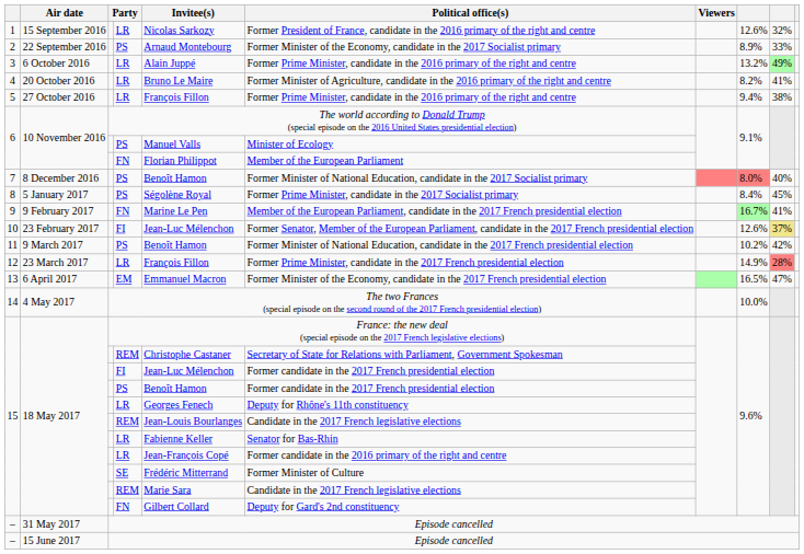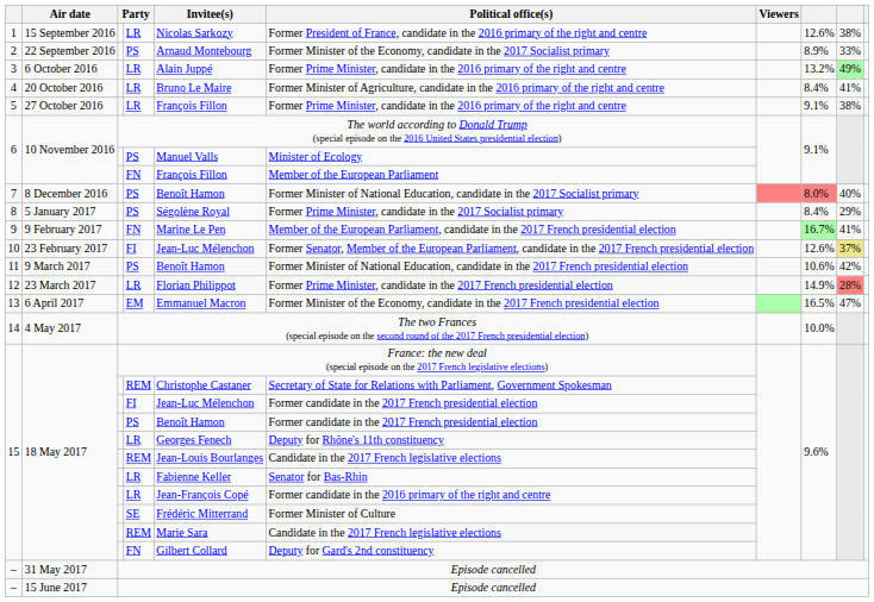 <table class="wikitable" style="font-size:100%;">
 <tr>
 <th></th>
 <th>Air date</th>
 <th colspan=2>Party</th>
 <th>Invitee(s)</th>
 <th>Political office(s)</th>
 <th>Viewers</th>
 <th></th>
 <th></th>
 <th></th>
 </tr>
 <tr>
 <td align="center">1</td>
 <td>15 September 2016</td>
 <td style="background-color:"></td>
 <td><a href='#'>LR</a></td>
 <td><a href='#'>Nicolas Sarkozy</a></td>
 <td>Former <a href='#'>President of France</a>, candidate in the <a href='#'>2016 primary of the right and centre</a></td>
 <td></td>
 <td>12.6%</td>
-<td>32%</td>
+<td>38%</td>
 <td></td>
 </tr>
 <tr>
 <td align="center">2</td>
 <td>22 September 2016</td>
 <td style="background-color:"></td>
 <td><a href='#'>PS</a></td>
 <td><a href='#'>Arnaud Montebourg</a></td>
 <td>Former Minister of the Economy, candidate in the <a href='#'>2017 Socialist primary</a></td>
 <td></td>
 <td>8.9%</td>
 <td>33%</td>
 <td></td>
 </tr>
 <tr>
 <td align="center">3</td>
 <td>6 October 2016</td>
 <td style="background-color:"></td>
 <td><a href='#'>LR</a></td>
 <td><a href='#'>Alain Juppé</a></td>
 <td>Former <a href='#'>Prime Minister</a>, candidate in the <a href='#'>2016 primary of the right and centre</a></td>
 <td></td>
 <td>13.2%</td>
 <td bgcolor="#aaffaa">49%</td>
 <td></td>
 </tr>
 <tr>
 <td align="center">4</td>
 <td>20 October 2016</td>
 <td style="background-color:"></td>
 <td><a href='#'>LR</a></td>
 <td><a href='#'>Bruno Le Maire</a></td>
 <td>Former Minister of Agriculture, candidate in the <a href='#'>2016 primary of the right and centre</a></td>
 <td></td>
-<td>8.2%</td>
+<td>8.4%</td>
 <td>41%</td>
 <td></td>
 </tr>
 <tr>
 <td align="center">5</td>
 <td>27 October 2016</td>
 <td style="background-color:"></td>
 <td><a href='#'>LR</a></td>
 <td><a href='#'>François Fillon</a></td>
 <td>Former <a href='#'>Prime Minister</a>, candidate in the <a href='#'>2016 primary of the right and centre</a></td>
 <td></td>
-<td>9.4%</td>
+<td>9.1%</td>
 <td>38%</td>
 <td></td>
 </tr>
 <tr>
 <td align="center" rowspan="3">6</td>
 <td rowspan="3">10 November 2016</td>
 <td align="center" colspan="4"><em>The world according to <a href='#'>Donald Trump</a></em><br><small>(special episode on the <a href='#'>2016 United States presidential election</a>)</small></td>
 <td rowspan="3"></td>
 <td rowspan="3">9.1%</td>
 <td rowspan="3" style="background-color:#E9E9E9;"></td>
 <td rowspan="3"></td>
 </tr>
 <tr>
 <td style="background-color:"></td>
 <td><a href='#'>PS</a></td>
 <td><a href='#'>Manuel Valls</a></td>
 <td><a href='#'>Minister of Ecology</a></td>
 </tr>
 <tr>
 <td style="background-color:"></td>
 <td><a href='#'>FN</a></td>
-<td><a href='#'>Florian Philippot</a></td>
+<td><a href='#'>François Fillon</a></td>
 <td><a href='#'>Member of the European Parliament</a></td>
 </tr>
 <tr>
 <td align="center">7</td>
 <td>8 December 2016</td>
 <td style="background-color:"></td>
 <td><a href='#'>PS</a></td>
 <td><a href='#'>Benoît Hamon</a></td>
 <td>Former Minister of National Education, candidate in the <a href='#'>2017 Socialist primary</a></td>
 <td bgcolor="#ff8080"></td>
 <td bgcolor="#ff8080">8.0%</td>
 <td>40%</td>
 <td></td>
 </tr>
 <tr>
 <td align="center">8</td>
 <td>5 January 2017</td>
 <td style="background-color:"></td>
 <td><a href='#'>PS</a></td>
 <td><a href='#'>Ségolène Royal</a></td>
 <td>Former <a href='#'>Prime Minister</a>, candidate in the <a href='#'>2017 Socialist primary</a></td>
 <td></td>
 <td>8.4%</td>
-<td>45%</td>
+<td>29%</td>
 <td></td>
 </tr>
 <tr>
 <td align="center">9</td>
 <td>9 February 2017</td>
 <td style="background-color:"></td>
 <td><a href='#'>FN</a></td>
 <td><a href='#'>Marine Le Pen</a></td>
 <td><a href='#'>Member of the European Parliament</a>, candidate in the <a href='#'>2017 French presidential election</a></td>
 <td></td>
 <td bgcolor="#aaffaa">16.7%</td>
 <td>41%</td>
 <td></td>
 </tr>
 <tr>
 <td align="center">10</td>
 <td>23 February 2017</td>
 <td style="background-color:"></td>
 <td><a href='#'>FI</a></td>
 <td><a href='#'>Jean-Luc Mélenchon</a></td>
 <td>Former <a href='#'>Senator</a>, <a href='#'>Member of the European Parliament</a>, candidate in the <a href='#'>2017 French presidential election</a></td>
 <td></td>
 <td>12.6%</td>
 <td style="background: khaki;">37%</td>
 <td></td>
 </tr>
 <tr>
 <td align="center">11</td>
 <td>9 March 2017</td>
 <td style="background-color:"></td>
 <td><a href='#'>PS</a></td>
 <td><a href='#'>Benoît Hamon</a></td>
 <td>Former Minister of National Education, candidate in the <a href='#'>2017 French presidential election</a></td>
 <td></td>
-<td>10.2%</td>
+<td>10.6%</td>
 <td>42%</td>
 <td></td>
 </tr>
 <tr>
 <td align="center">12</td>
 <td>23 March 2017</td>
 <td style="background-color:"></td>
 <td><a href='#'>LR</a></td>
-<td><a href='#'>François Fillon</a></td>
+<td><a href='#'>Florian Philippot</a></td>
 <td>Former <a href='#'>Prime Minister</a>, candidate in the <a href='#'>2017 French presidential election</a></td>
 <td></td>
 <td>14.9%</td>
 <td bgcolor="#ff8080">28%</td>
 <td></td>
 </tr>
 <tr>
 <td align="center">13</td>
 <td>6 April 2017</td>
 <td style="background-color:"></td>
 <td><a href='#'>EM</a></td>
 <td><a href='#'>Emmanuel Macron</a></td>
 <td>Former Minister of the Economy, candidate in the <a href='#'>2017 French presidential election</a></td>
 <td bgcolor="#aaffaa"></td>
 <td>16.5%</td>
 <td>47%</td>
 <td></td>
 </tr>
 <tr>
 <td align="center">14</td>
 <td>4 May 2017</td>
 <td align="center" colspan="4"><em>The two Frances</em><br><small>(special episode on the <a href='#'>second round of the 2017 French presidential election</a>)</small></td>
 <td></td>
 <td>10.0%</td>
 <td style="background-color:#E9E9E9;"></td>
 <td></td>
 </tr>
 <tr>
 <td align="center" rowspan="11">15</td>
 <td rowspan="11">18 May 2017</td>
 <td align="center" colspan="4"><em>France: the new deal</em><br><small>(special episode on the <a href='#'>2017 French legislative elections</a>)</small></td>
 <td rowspan="11"></td>
 <td rowspan="11">9.6%</td>
 <td rowspan="11" style="background-color:#E9E9E9;"></td>
 <td rowspan="11"></td>
 </tr>
 <tr>
 <td style="background-color:"></td>
 <td><a href='#'>REM</a></td>
 <td><a href='#'>Christophe Castaner</a></td>
 <td><a href='#'>Secretary of State for Relations with Parliament</a>, <a href='#'>Government Spokesman</a></td>
 </tr>
 <tr>
 <td style="background-color:"></td>
 <td><a href='#'>FI</a></td>
 <td><a href='#'>Jean-Luc Mélenchon</a></td>
 <td>Former candidate in the <a href='#'>2017 French presidential election</a></td>
 </tr>
 <tr>
 <td style="background-color:"></td>
 <td><a href='#'>PS</a></td>
 <td><a href='#'>Benoît Hamon</a></td>
 <td>Former candidate in the <a href='#'>2017 French presidential election</a></td>
 </tr>
 <tr>
 <td style="background-color:"></td>
 <td><a href='#'>LR</a></td>
 <td><a href='#'>Georges Fenech</a></td>
 <td><a href='#'>Deputy</a> for <a href='#'>Rhône's 11th constituency</a></td>
 </tr>
 <tr>
 <td style="background-color:"></td>
 <td><a href='#'>REM</a></td>
 <td><a href='#'>Jean-Louis Bourlanges</a></td>
 <td>Candidate in the <a href='#'>2017 French legislative elections</a></td>
 </tr>
 <tr>
 <td style="background-color:"></td>
 <td><a href='#'>LR</a></td>
 <td><a href='#'>Fabienne Keller</a></td>
 <td><a href='#'>Senator</a> for <a href='#'>Bas-Rhin</a></td>
 </tr>
 <tr>
 <td style="background-color:"></td>
 <td><a href='#'>LR</a></td>
 <td><a href='#'>Jean-François Copé</a></td>
 <td>Former candidate in the <a href='#'>2016 primary of the right and centre</a></td>
 </tr>
 <tr>
 <td style="background-color:"></td>
 <td><a href='#'>SE</a></td>
 <td><a href='#'>Frédéric Mitterrand</a></td>
 <td>Former Minister of Culture</td>
 </tr>
 <tr>
 <td style="background-color:"></td>
 <td><a href='#'>REM</a></td>
 <td><a href='#'>Marie Sara</a></td>
 <td>Candidate in the <a href='#'>2017 French legislative elections</a></td>
 </tr>
 <tr>
 <td style="background-color:"></td>
 <td><a href='#'>FN</a></td>
 <td><a href='#'>Gilbert Collard</a></td>
 <td><a href='#'>Deputy</a> for <a href='#'>Gard's 2nd constituency</a></td>
 </tr>
 <tr>
 <td align="center">–</td>
 <td>31 May 2017</td>
 <td align="center" colspan="8"><em>Episode cancelled</em></td>
 </tr>
 <tr>
 <td align="center">–</td>
 <td>15 June 2017</td>
 <td align="center" colspan="8"><em>Episode cancelled</em></td>
 </tr>
 </table>
